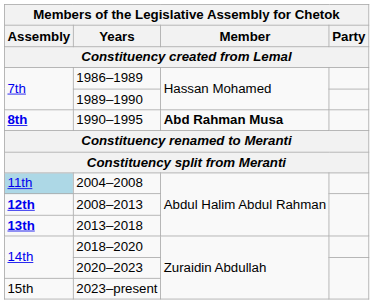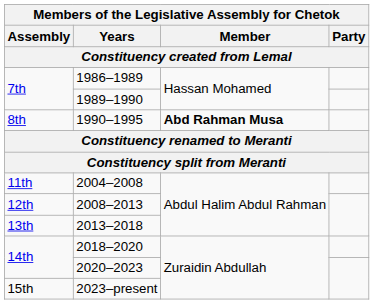 <table class="wikitable">
 <tr>
 <th colspan="4">Members of the Legislative Assembly for Chetok</th>
 </tr>
 <tr>
 <th>Assembly</th>
 <th>Years</th>
 <th>Member</th>
 <th>Party</th>
 </tr>
 <tr>
 <th colspan="4" align="center"><em>Constituency created from Lemal</em></th>
 </tr>
 <tr>
 <td rowspan=2><a href='#'>7th</a></td>
 <td>1986–1989</td>
 <td rowspan=2>Hassan Mohamed</td>
 <td></td>
 </tr>
 <tr>
 <td>1989–1990</td>
 <td></td>
 </tr>
 <tr>
-<td><strong><a href='#'>8th</a></strong></td>
+<td><a href='#'>8th</a></td>
 <td>1990–1995</td>
 <td><strong>Abd Rahman Musa</strong></td>
 <td></td>
 </tr>
 <tr>
 <th colspan="4"><em>Constituency renamed to Meranti</em></th>
 </tr>
 <tr>
 <th colspan="4"><em>Constituency split from Meranti</em></th>
 </tr>
 <tr>
-<td style="background: lightblue;"><a href='#'>11th</a></td>
+<td><a href='#'>11th</a></td>
 <td>2004–2008</td>
 <td rowspan="3">Abdul Halim Abdul Rahman</td>
 <td></td>
 </tr>
 <tr>
-<td><strong><a href='#'>12th</a></strong></td>
+<td><a href='#'>12th</a></td>
 <td>2008–2013</td>
 <td rowspan="2"></td>
 </tr>
 <tr>
-<td><strong><a href='#'>13th</a></strong></td>
+<td><a href='#'>13th</a></td>
 <td>2013–2018</td>
 </tr>
 <tr>
 <td rowspan="2"><a href='#'>14th</a></td>
 <td>2018–2020</td>
 <td rowspan="3">Zuraidin Abdullah</td>
 <td></td>
 </tr>
 <tr>
 <td>2020–2023</td>
 <td rowspan=2></td>
 </tr>
 <tr>
 <td>15th</td>
 <td>2023–present</td>
 </tr>
 </table>
